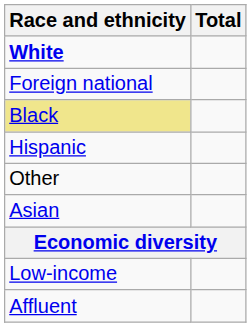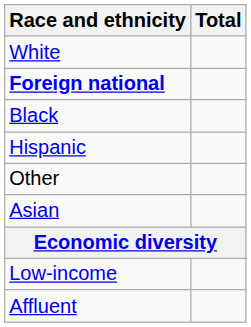 <table class="wikitable floatright sortable collapsible"; text-align:right; font-size:80%;">
 <tr>
 <th>Race and ethnicity</th>
 <th colspan="2" data-sort-type=number>Total</th>
 </tr>
 <tr>
-<td><strong><a href='#'>White</a></strong></td>
+<td><a href='#'>White</a></td>
 <td align=right></td>
 </tr>
 <tr>
-<td><a href='#'>Foreign national</a></td>
+<td><strong><a href='#'>Foreign national</a></strong></td>
 <td align=right></td>
 </tr>
 <tr>
-<td style="background: khaki;"><a href='#'>Black</a></td>
+<td><a href='#'>Black</a></td>
 <td align=right></td>
 </tr>
 <tr>
 <td><a href='#'>Hispanic</a></td>
 <td align=right></td>
 </tr>
 <tr>
 <td>Other</td>
 <td align=right></td>
 </tr>
 <tr>
 <td><a href='#'>Asian</a></td>
 <td align=right></td>
 </tr>
 <tr>
 <th colspan="4" data-sort-type=number><a href='#'>Economic diversity</a></th>
 </tr>
 <tr>
 <td><a href='#'>Low-income</a></td>
 <td align=right></td>
 </tr>
 <tr>
 <td><a href='#'>Affluent</a></td>
 <td align=right></td>
 </tr>
 </table>
